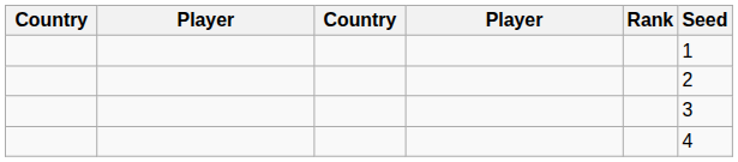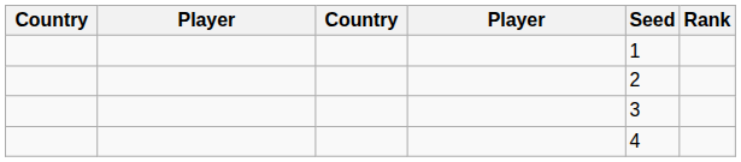 <table class="wikitable nowrap">
 <tr>
 <th width="70">Country</th>
 <th width="175">Player</th>
 <th width="70">Country</th>
 <th width="175">Player</th>
+<th>Seed</th>
 <th>Rank</th>
-<th>Seed</th>
 </tr>
 <tr>
 <td></td>
 <td></td>
 <td></td>
 <td></td>
+<td>1</td>
 <td></td>
-<td>1</td>
 </tr>
 <tr>
 <td></td>
 <td></td>
 <td></td>
 <td></td>
+<td>2</td>
 <td></td>
-<td>2</td>
 </tr>
 <tr>
 <td></td>
 <td></td>
 <td></td>
 <td></td>
+<td>3</td>
 <td></td>
-<td>3</td>
 </tr>
 <tr>
 <td></td>
 <td></td>
 <td></td>
 <td></td>
+<td>4</td>
 <td></td>
-<td>4</td>
 </tr>
 </table>
